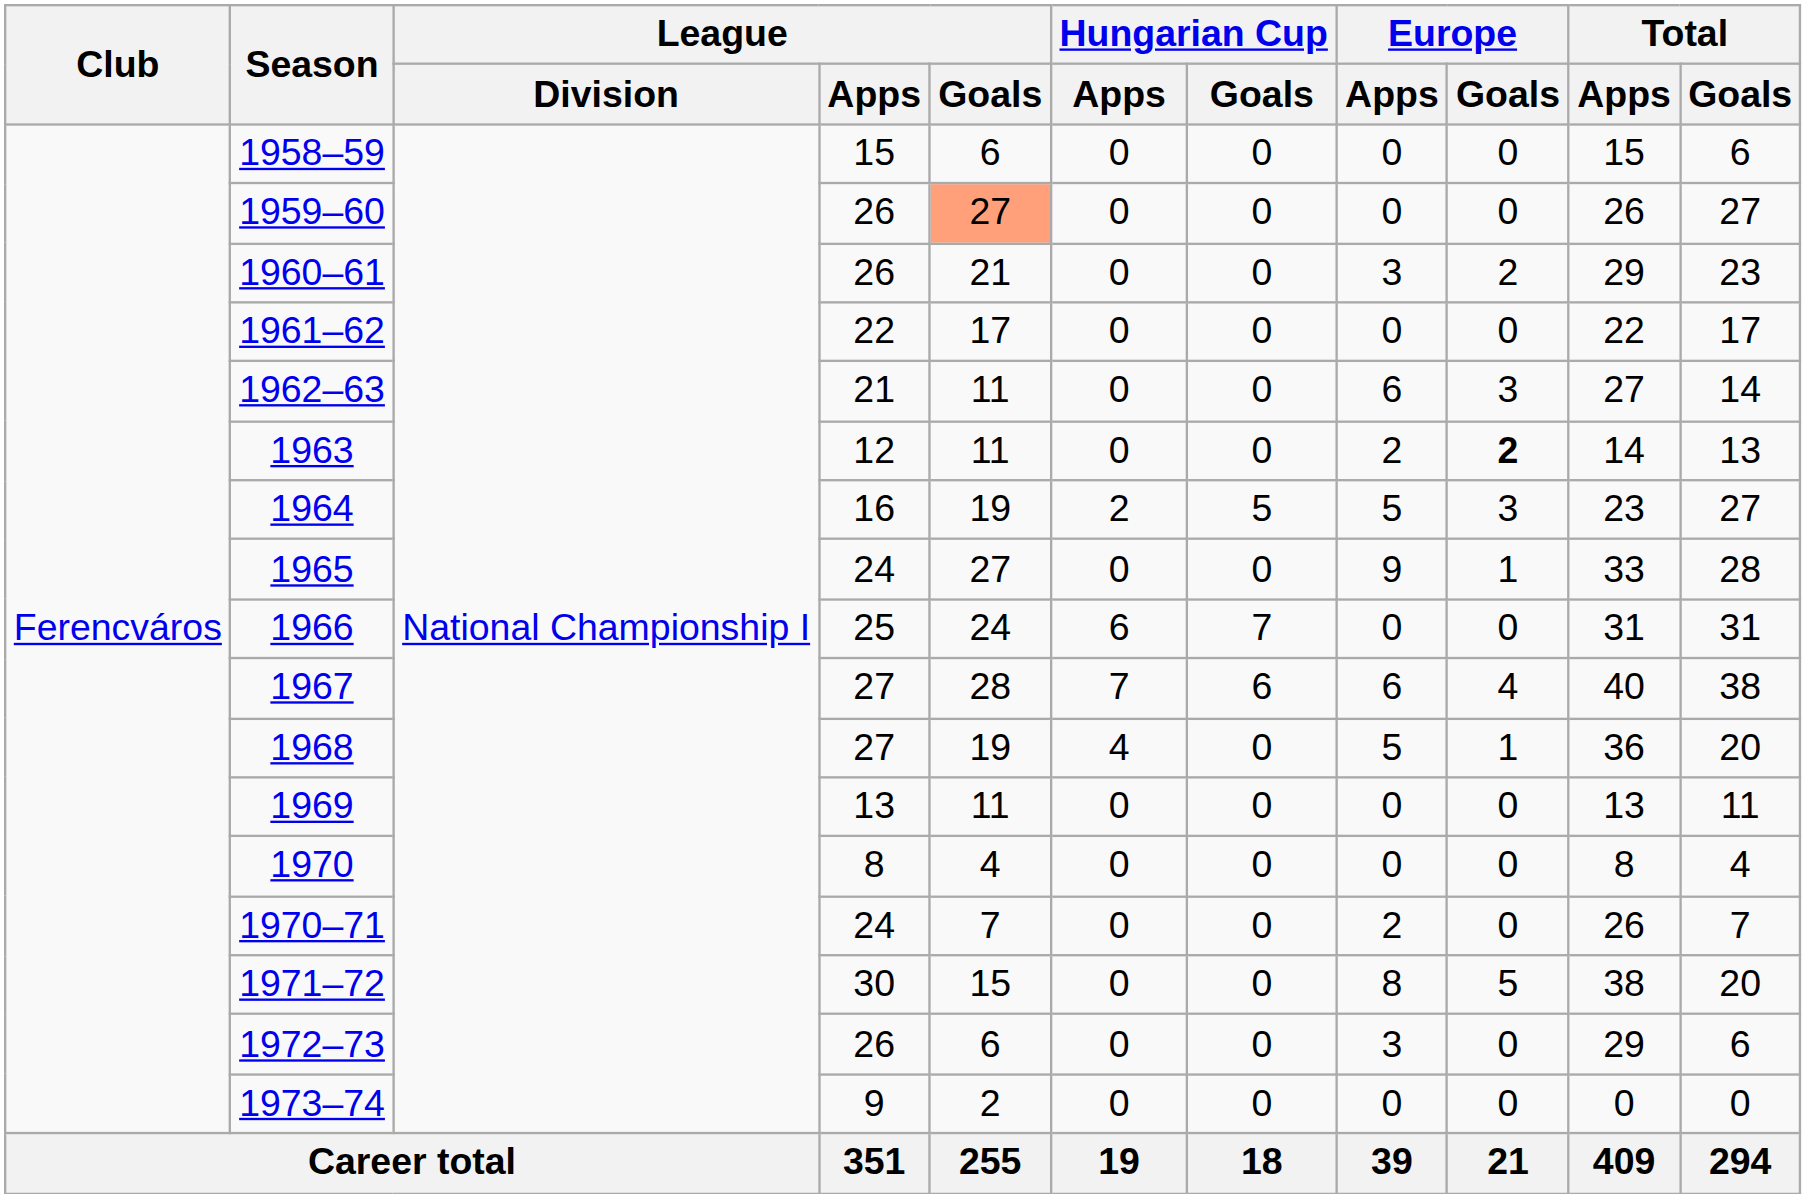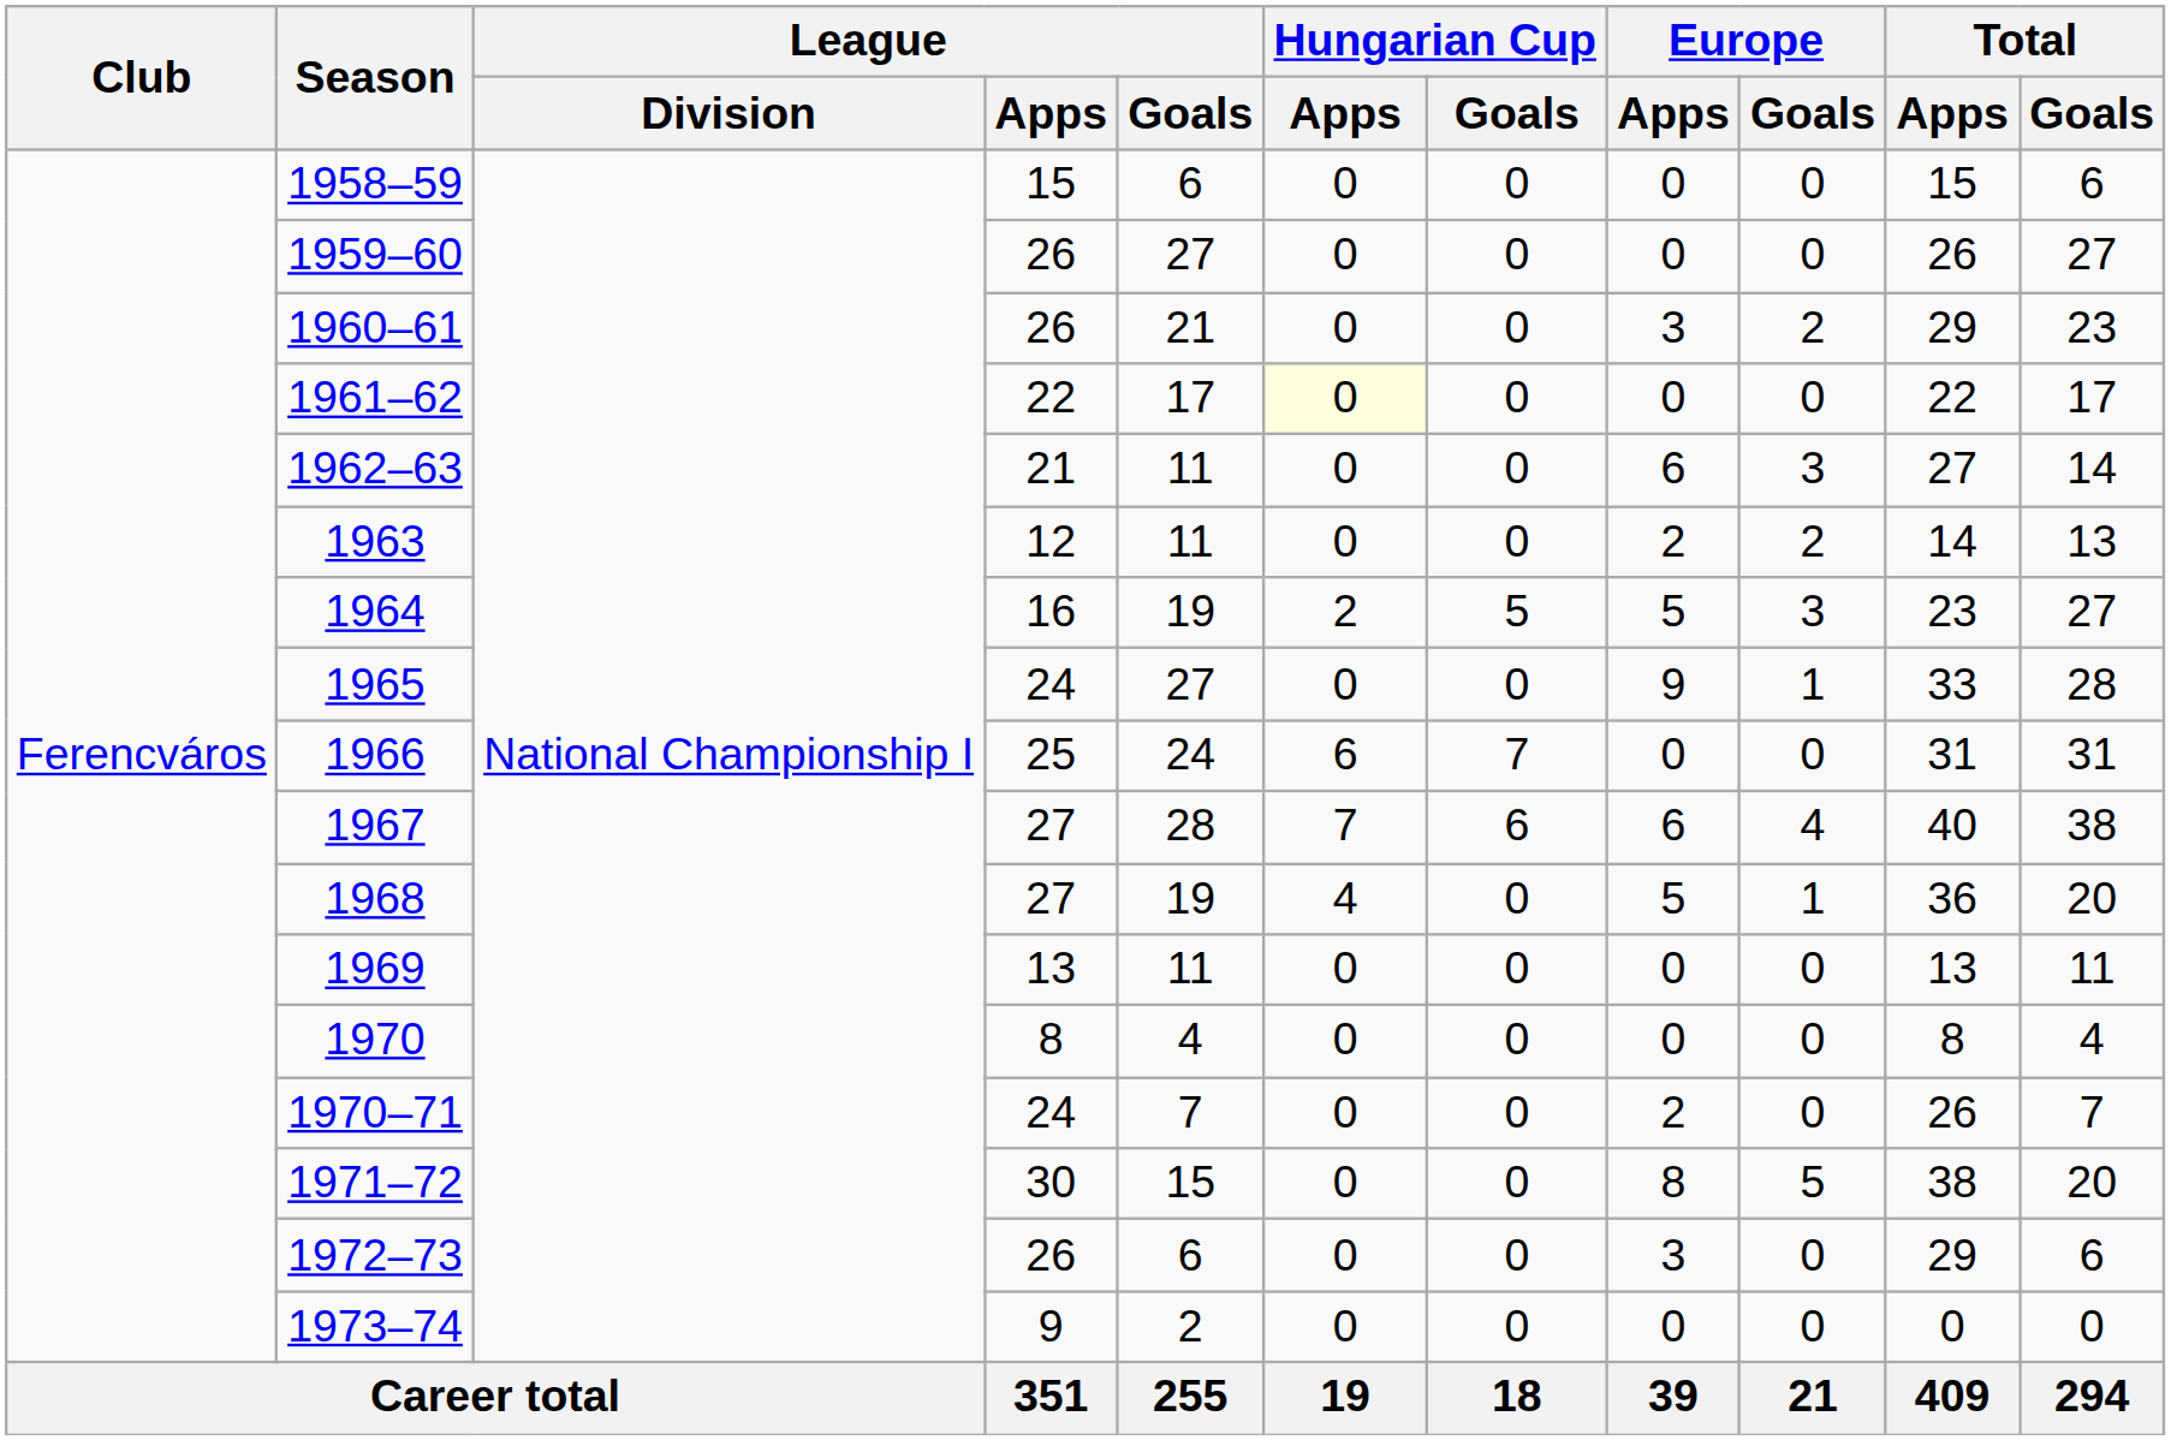 <table class="wikitable" style="text-align:center">
 <tr>
 <th rowspan="2">Club</th>
 <th rowspan="2">Season</th>
 <th colspan="3">League</th>
 <th colspan="2"><a href='#'>Hungarian Cup</a></th>
 <th colspan="2"><a href='#'>Europe</a></th>
 <th colspan="2">Total</th>
 </tr>
 <tr>
 <th>Division</th>
 <th>Apps</th>
 <th>Goals</th>
 <th>Apps</th>
 <th>Goals</th>
 <th>Apps</th>
 <th>Goals</th>
 <th>Apps</th>
 <th>Goals</th>
 </tr>
 <tr>
 <td rowspan="17"><a href='#'>Ferencváros</a></td>
 <td><a href='#'>1958–59</a></td>
 <td rowspan="17"><a href='#'>National Championship I</a></td>
 <td>15</td>
 <td>6</td>
 <td>0</td>
 <td>0</td>
 <td>0</td>
 <td>0</td>
 <td>15</td>
 <td>6</td>
 </tr>
 <tr>
 <td><a href='#'>1959–60</a></td>
 <td>26</td>
-<td style="background: lightsalmon;">27</td>
+<td>27</td>
 <td>0</td>
 <td>0</td>
 <td>0</td>
 <td>0</td>
 <td>26</td>
 <td>27</td>
 </tr>
 <tr>
 <td><a href='#'>1960–61</a></td>
 <td>26</td>
 <td>21</td>
 <td>0</td>
 <td>0</td>
 <td>3</td>
 <td>2</td>
 <td>29</td>
 <td>23</td>
 </tr>
 <tr>
 <td><a href='#'>1961–62</a></td>
 <td>22</td>
 <td>17</td>
-<td>0</td>
+<td style="background: lightyellow;">0</td>
 <td>0</td>
 <td>0</td>
 <td>0</td>
 <td>22</td>
 <td>17</td>
 </tr>
 <tr>
 <td><a href='#'>1962–63</a></td>
 <td>21</td>
 <td>11</td>
 <td>0</td>
 <td>0</td>
 <td>6</td>
 <td>3</td>
 <td>27</td>
 <td>14</td>
 </tr>
 <tr>
 <td><a href='#'>1963</a></td>
 <td>12</td>
 <td>11</td>
 <td>0</td>
 <td>0</td>
 <td>2</td>
-<td><strong>2</strong></td>
+<td>2</td>
 <td>14</td>
 <td>13</td>
 </tr>
 <tr>
 <td><a href='#'>1964</a></td>
 <td>16</td>
 <td>19</td>
 <td>2</td>
 <td>5</td>
 <td>5</td>
 <td>3</td>
 <td>23</td>
 <td>27</td>
 </tr>
 <tr>
 <td><a href='#'>1965</a></td>
 <td>24</td>
 <td>27</td>
 <td>0</td>
 <td>0</td>
 <td>9</td>
 <td>1</td>
 <td>33</td>
 <td>28</td>
 </tr>
 <tr>
 <td><a href='#'>1966</a></td>
 <td>25</td>
 <td>24</td>
 <td>6</td>
 <td>7</td>
 <td>0</td>
 <td>0</td>
 <td>31</td>
 <td>31</td>
 </tr>
 <tr>
 <td><a href='#'>1967</a></td>
 <td>27</td>
 <td>28</td>
 <td>7</td>
 <td>6</td>
 <td>6</td>
 <td>4</td>
 <td>40</td>
 <td>38</td>
 </tr>
 <tr>
 <td><a href='#'>1968</a></td>
 <td>27</td>
 <td>19</td>
 <td>4</td>
 <td>0</td>
 <td>5</td>
 <td>1</td>
 <td>36</td>
 <td>20</td>
 </tr>
 <tr>
 <td><a href='#'>1969</a></td>
 <td>13</td>
 <td>11</td>
 <td>0</td>
 <td>0</td>
 <td>0</td>
 <td>0</td>
 <td>13</td>
 <td>11</td>
 </tr>
 <tr>
 <td><a href='#'>1970</a></td>
 <td>8</td>
 <td>4</td>
 <td>0</td>
 <td>0</td>
 <td>0</td>
 <td>0</td>
 <td>8</td>
 <td>4</td>
 </tr>
 <tr>
 <td><a href='#'>1970–71</a></td>
 <td>24</td>
 <td>7</td>
 <td>0</td>
 <td>0</td>
 <td>2</td>
 <td>0</td>
 <td>26</td>
 <td>7</td>
 </tr>
 <tr>
 <td><a href='#'>1971–72</a></td>
 <td>30</td>
 <td>15</td>
 <td>0</td>
 <td>0</td>
 <td>8</td>
 <td>5</td>
 <td>38</td>
 <td>20</td>
 </tr>
 <tr>
 <td><a href='#'>1972–73</a></td>
 <td>26</td>
 <td>6</td>
 <td>0</td>
 <td>0</td>
 <td>3</td>
 <td>0</td>
 <td>29</td>
 <td>6</td>
 </tr>
 <tr>
 <td><a href='#'>1973–74</a></td>
 <td>9</td>
 <td>2</td>
 <td>0</td>
 <td>0</td>
 <td>0</td>
 <td>0</td>
 <td>0</td>
 <td>0</td>
 </tr>
 <tr>
 <th colspan="3">Career total</th>
 <th>351</th>
 <th>255</th>
 <th>19</th>
 <th>18</th>
 <th>39</th>
 <th>21</th>
 <th>409</th>
 <th>294</th>
 </tr>
 </table>
